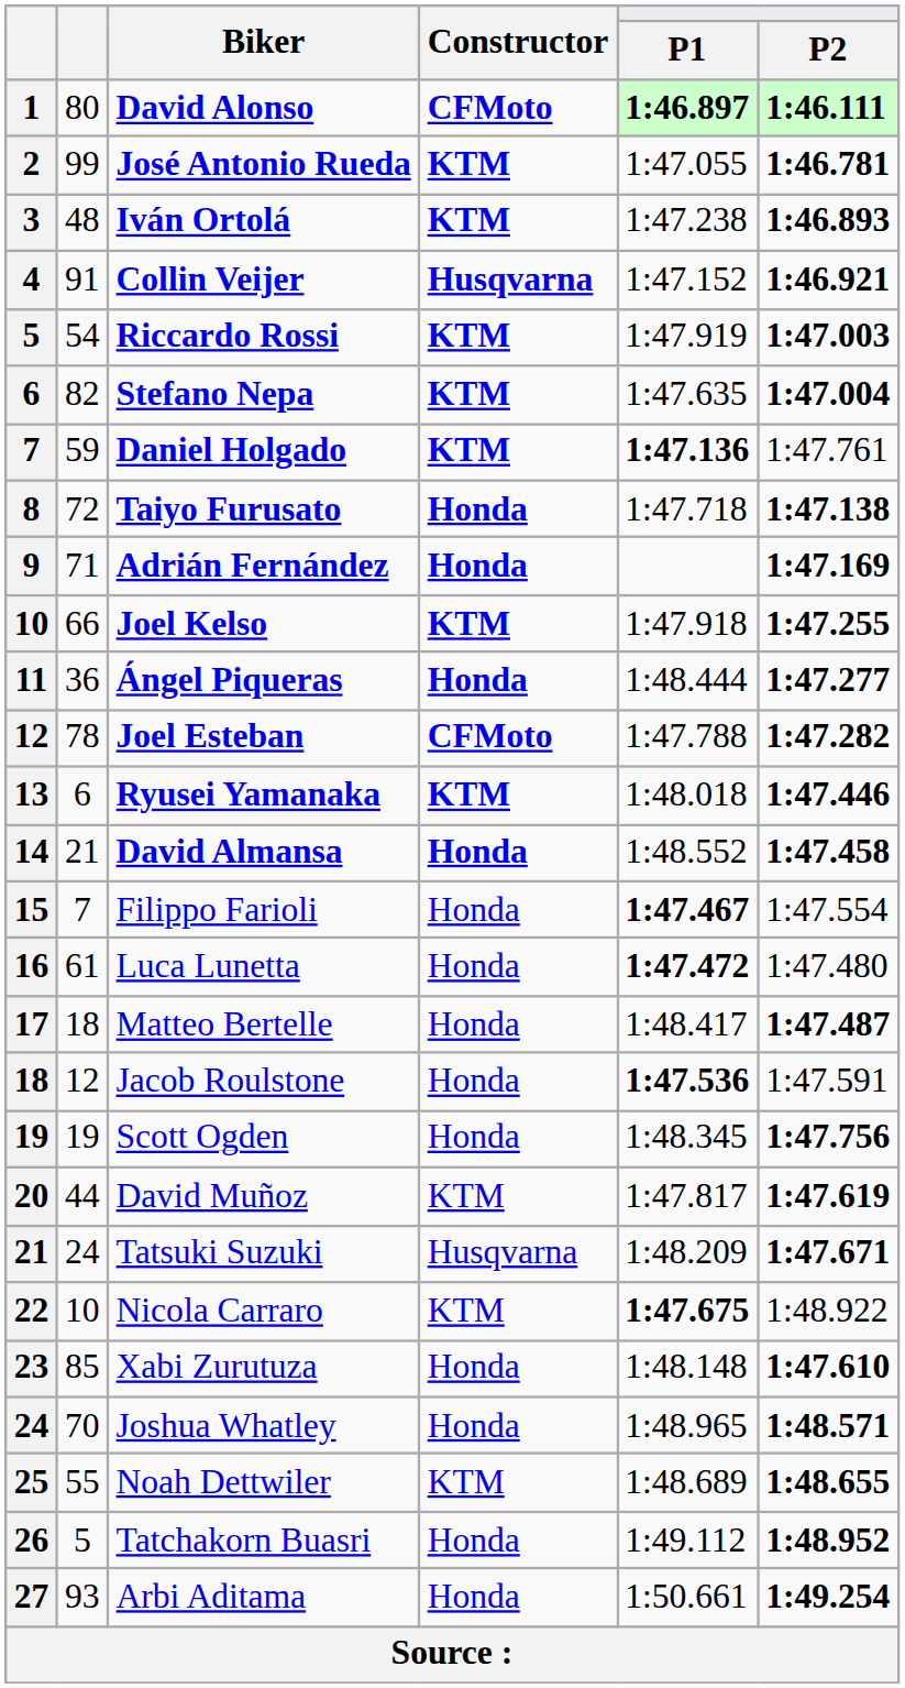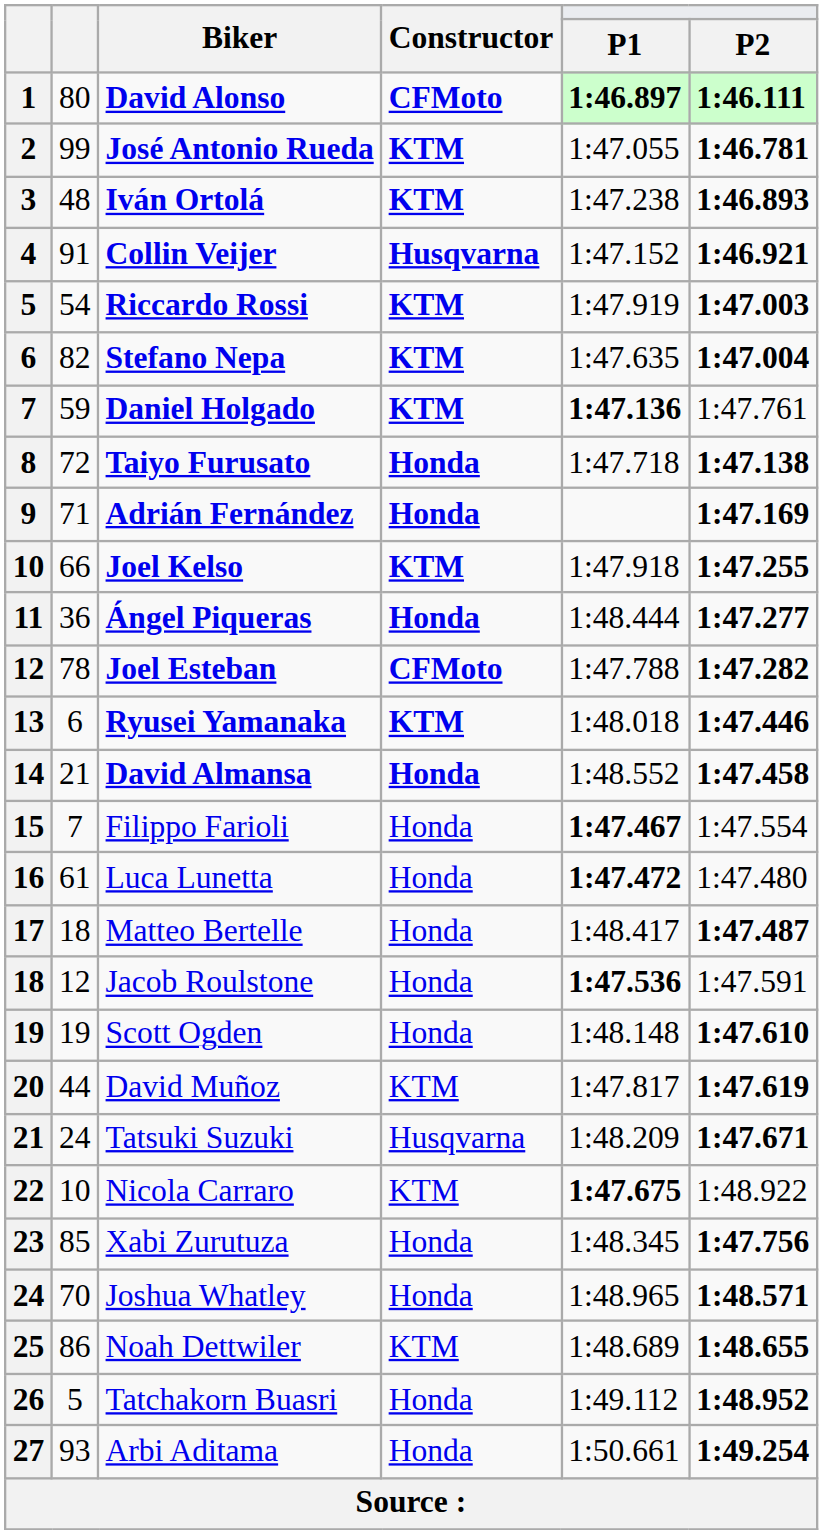 <table class="wikitable sortable" style="font-size: 85%;">
 <tr>
 <th rowspan="2"></th>
 <th rowspan="2"></th>
 <th rowspan="2">Biker</th>
 <th rowspan="2">Constructor</th>
 <th colspan="3" style="background:#eaecf0; text-align:center;"></th>
 </tr>
 <tr>
 <th scope="col">P1</th>
 <th scope="col">P2</th>
 </tr>
 <tr>
 <th scope="row">1</th>
 <td align="center">80</td>
 <td><strong> <a href='#'>David Alonso</a></strong></td>
 <td><strong><a href='#'>CFMoto</a></strong></td>
 <td style="background:#ccffcc;"><strong>1:46.897</strong></td>
 <td style="background:#ccffcc;"><strong>1:46.111</strong></td>
 </tr>
 <tr>
 <th scope="row">2</th>
 <td align="center">99</td>
 <td><strong> <a href='#'>José Antonio Rueda</a></strong></td>
 <td><strong><a href='#'>KTM</a></strong></td>
 <td>1:47.055</td>
 <td><strong>1:46.781</strong></td>
 </tr>
 <tr>
 <th scope="row">3</th>
 <td align="center">48</td>
 <td> <strong><a href='#'>Iván Ortolá</a></strong></td>
 <td><strong><a href='#'>KTM</a></strong></td>
 <td>1:47.238</td>
 <td><strong>1:46.893</strong></td>
 </tr>
 <tr>
 <th scope="row">4</th>
 <td align="center">91</td>
 <td><strong> <a href='#'>Collin Veijer</a></strong></td>
 <td><strong><a href='#'>Husqvarna</a></strong></td>
 <td>1:47.152</td>
 <td><strong>1:46.921</strong></td>
 </tr>
 <tr>
 <th scope="row">5</th>
 <td align="center">54</td>
 <td><strong> <a href='#'>Riccardo Rossi</a></strong></td>
 <td><strong><a href='#'>KTM</a></strong></td>
 <td>1:47.919</td>
 <td><strong>1:47.003</strong></td>
 </tr>
 <tr>
 <th scope="row">6</th>
 <td align="center">82</td>
 <td> <strong><a href='#'>Stefano Nepa</a></strong></td>
 <td><strong><a href='#'>KTM</a></strong></td>
 <td>1:47.635</td>
 <td><strong>1:47.004</strong></td>
 </tr>
 <tr>
 <th scope="row">7</th>
 <td align="center">59</td>
 <td><strong></strong> <strong><a href='#'>Daniel Holgado</a></strong></td>
 <td><strong><a href='#'>KTM</a></strong></td>
 <td><strong>1:47.136</strong></td>
 <td>1:47.761</td>
 </tr>
 <tr>
 <th scope="row">8</th>
 <td align="center">72</td>
 <td><strong> <a href='#'>Taiyo Furusato</a></strong></td>
 <td><strong><a href='#'>Honda</a></strong></td>
 <td>1:47.718</td>
 <td><strong>1:47.138</strong></td>
 </tr>
 <tr>
 <th scope="row">9</th>
 <td align="center">71</td>
 <td><strong> <a href='#'>Adrián Fernández</a></strong></td>
 <td><strong><a href='#'>Honda</a></strong></td>
 <td></td>
 <td><strong>1:47.169</strong></td>
 </tr>
 <tr>
 <th scope="row">10</th>
 <td align="center">66</td>
 <td><strong> <a href='#'>Joel Kelso</a></strong></td>
 <td><strong><a href='#'>KTM</a></strong></td>
 <td>1:47.918</td>
 <td><strong>1:47.255</strong></td>
 </tr>
 <tr>
 <th scope="row">11</th>
 <td align="center">36</td>
 <td><strong> <a href='#'>Ángel Piqueras</a></strong></td>
 <td><strong><a href='#'>Honda</a></strong></td>
 <td>1:48.444</td>
 <td><strong>1:47.277</strong></td>
 </tr>
 <tr>
 <th scope="row">12</th>
 <td align="center">78</td>
 <td><strong> <a href='#'>Joel Esteban</a></strong></td>
 <td><strong><a href='#'>CFMoto</a></strong></td>
 <td>1:47.788</td>
 <td><strong>1:47.282</strong></td>
 </tr>
 <tr>
 <th scope="row">13</th>
 <td align="center">6</td>
 <td><strong> <a href='#'>Ryusei Yamanaka</a></strong></td>
 <td><strong><a href='#'>KTM</a></strong></td>
 <td>1:48.018</td>
 <td><strong>1:47.446</strong></td>
 </tr>
 <tr>
 <th scope="row">14</th>
 <td align="center">21</td>
 <td><strong></strong> <strong><a href='#'>David Almansa</a></strong></td>
 <td><strong><a href='#'>Honda</a></strong></td>
 <td>1:48.552</td>
 <td><strong>1:47.458</strong></td>
 </tr>
 <tr>
 <th scope="row">15</th>
 <td align="center">7</td>
 <td> <a href='#'>Filippo Farioli</a></td>
 <td><a href='#'>Honda</a></td>
 <td><strong>1:47.467</strong></td>
 <td>1:47.554</td>
 </tr>
 <tr>
 <th scope="row">16</th>
 <td align="center">61</td>
 <td> <a href='#'>Luca Lunetta</a></td>
 <td><a href='#'>Honda</a></td>
 <td><strong>1:47.472</strong></td>
 <td>1:47.480</td>
 </tr>
 <tr>
 <th scope="row">17</th>
 <td align="center">18</td>
 <td> <a href='#'>Matteo Bertelle</a></td>
 <td><a href='#'>Honda</a></td>
 <td>1:48.417</td>
 <td><strong>1:47.487</strong></td>
 </tr>
 <tr>
 <th scope="row">18</th>
 <td align="center">12</td>
 <td> <a href='#'>Jacob Roulstone</a></td>
 <td><a href='#'>Honda</a></td>
 <td><strong>1:47.536</strong></td>
 <td>1:47.591</td>
 </tr>
 <tr>
 <th scope="row">19</th>
 <td align="center">19</td>
 <td> <a href='#'>Scott Ogden</a></td>
 <td><a href='#'>Honda</a></td>
-<td>1:48.345</td>
-<td><strong>1:47.756</strong></td>
+<td>1:48.148</td>
+<td><strong>1:47.610</strong></td>
 </tr>
 <tr>
 <th scope="row">20</th>
 <td align="center">44</td>
 <td> <a href='#'>David Muñoz</a></td>
 <td><a href='#'>KTM</a></td>
 <td>1:47.817</td>
 <td><strong>1:47.619</strong></td>
 </tr>
 <tr>
 <th scope="row">21</th>
 <td align="center">24</td>
 <td> <a href='#'>Tatsuki Suzuki</a></td>
 <td><a href='#'>Husqvarna</a></td>
 <td>1:48.209</td>
 <td><strong>1:47.671</strong></td>
 </tr>
 <tr>
 <th scope="row">22</th>
 <td align="center">10</td>
 <td> <a href='#'>Nicola Carraro</a></td>
 <td><a href='#'>KTM</a></td>
 <td><strong>1:47.675</strong></td>
 <td>1:48.922</td>
 </tr>
 <tr>
 <th scope="row">23</th>
 <td align="center">85</td>
 <td> <a href='#'>Xabi Zurutuza</a></td>
 <td><a href='#'>Honda</a></td>
-<td>1:48.148</td>
-<td><strong>1:47.610</strong></td>
+<td>1:48.345</td>
+<td><strong>1:47.756</strong></td>
 </tr>
 <tr>
 <th scope="row">24</th>
 <td align="center">70</td>
 <td> <a href='#'>Joshua Whatley</a></td>
 <td><a href='#'>Honda</a></td>
 <td>1:48.965</td>
 <td><strong>1:48.571</strong></td>
 </tr>
 <tr>
 <th scope="row">25</th>
-<td align="center">55</td>
+<td align="center">86</td>
 <td> <a href='#'>Noah Dettwiler</a></td>
 <td><a href='#'>KTM</a></td>
 <td>1:48.689</td>
 <td><strong>1:48.655</strong></td>
 </tr>
 <tr>
 <th scope="row">26</th>
 <td align="center">5</td>
 <td> <a href='#'>Tatchakorn Buasri</a></td>
 <td><a href='#'>Honda</a></td>
 <td>1:49.112</td>
 <td><strong>1:48.952</strong></td>
 </tr>
 <tr>
 <th scope="row">27</th>
 <td align="center">93</td>
 <td> <a href='#'>Arbi Aditama</a></td>
 <td><a href='#'>Honda</a></td>
 <td>1:50.661</td>
 <td><strong>1:49.254</strong></td>
 </tr>
 <tr>
 <th colspan="7">Source : </th>
 </tr>
 </table>
